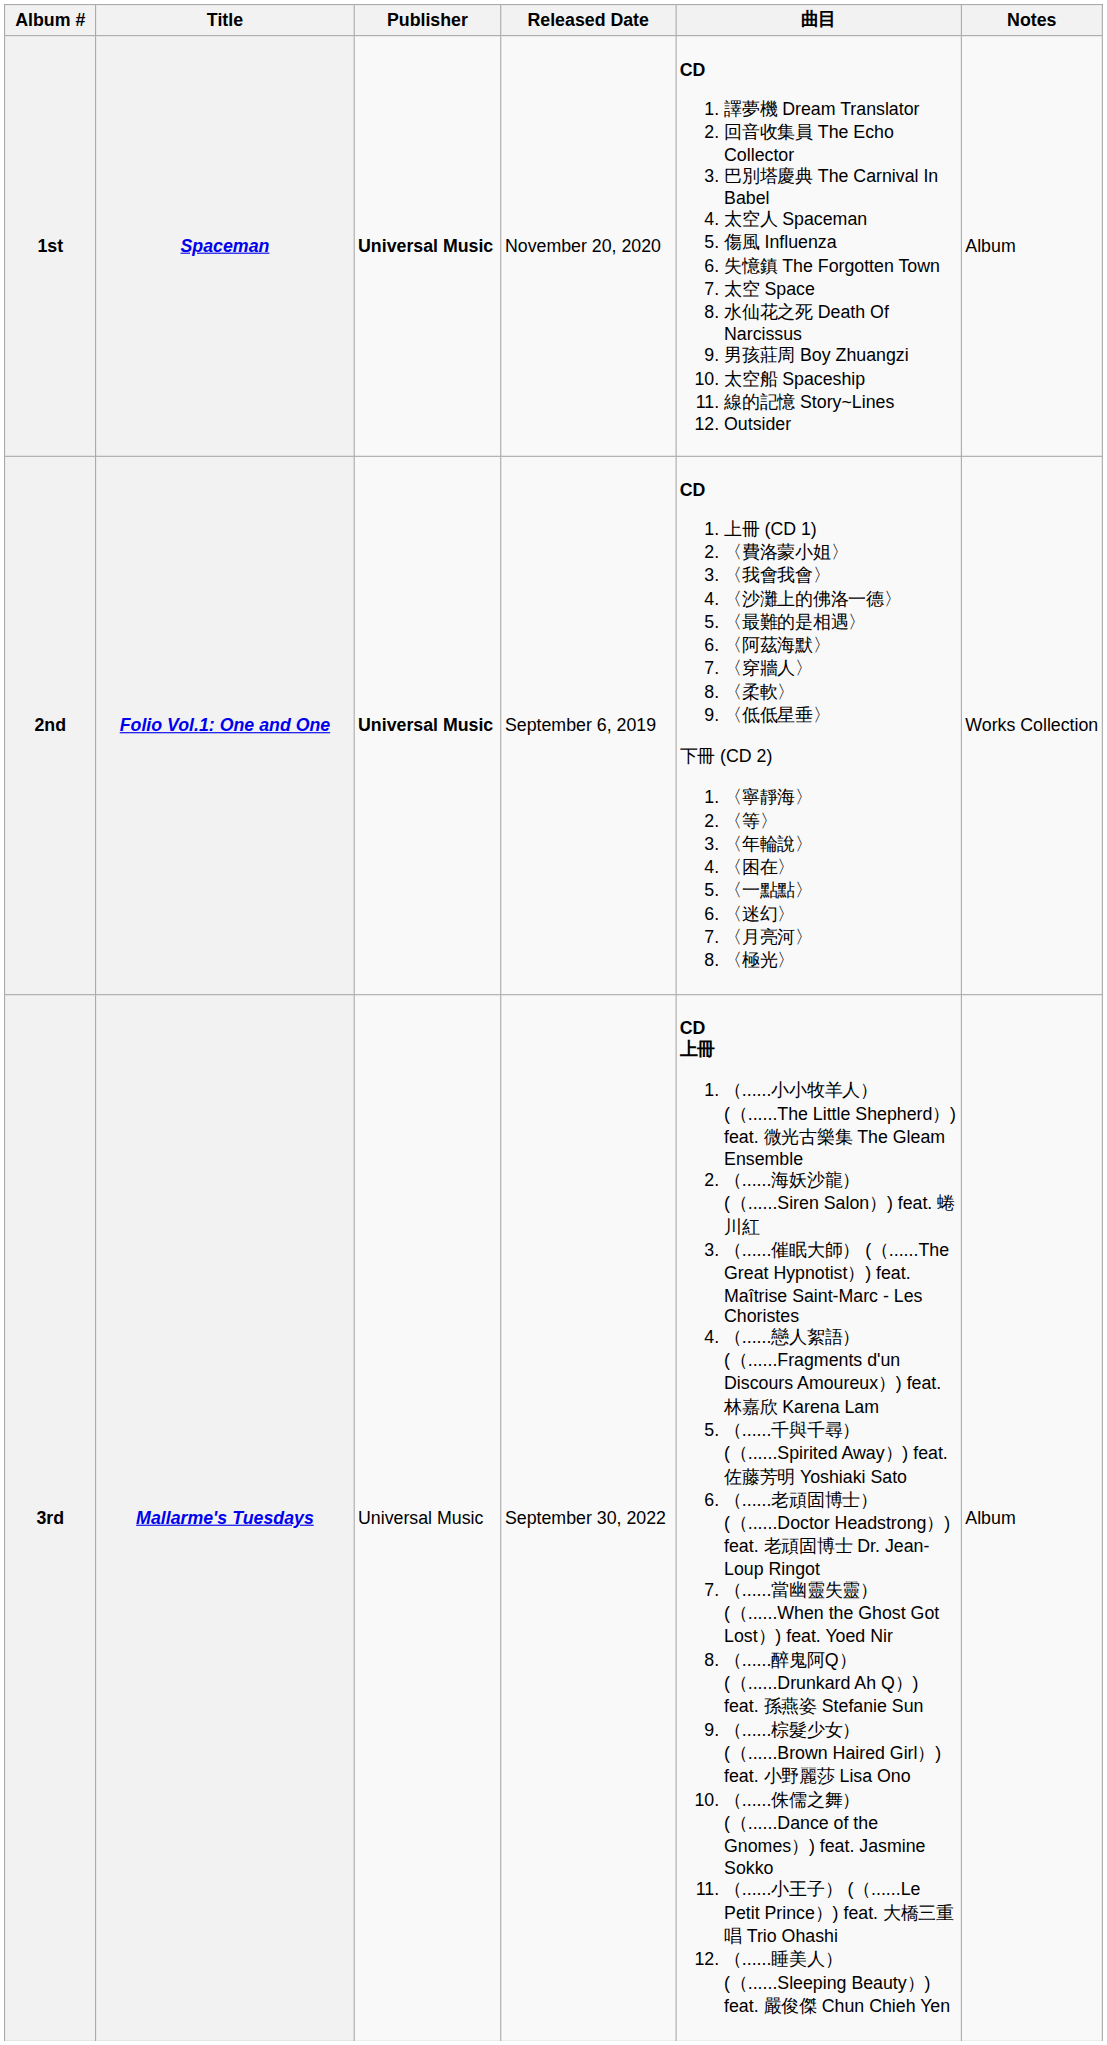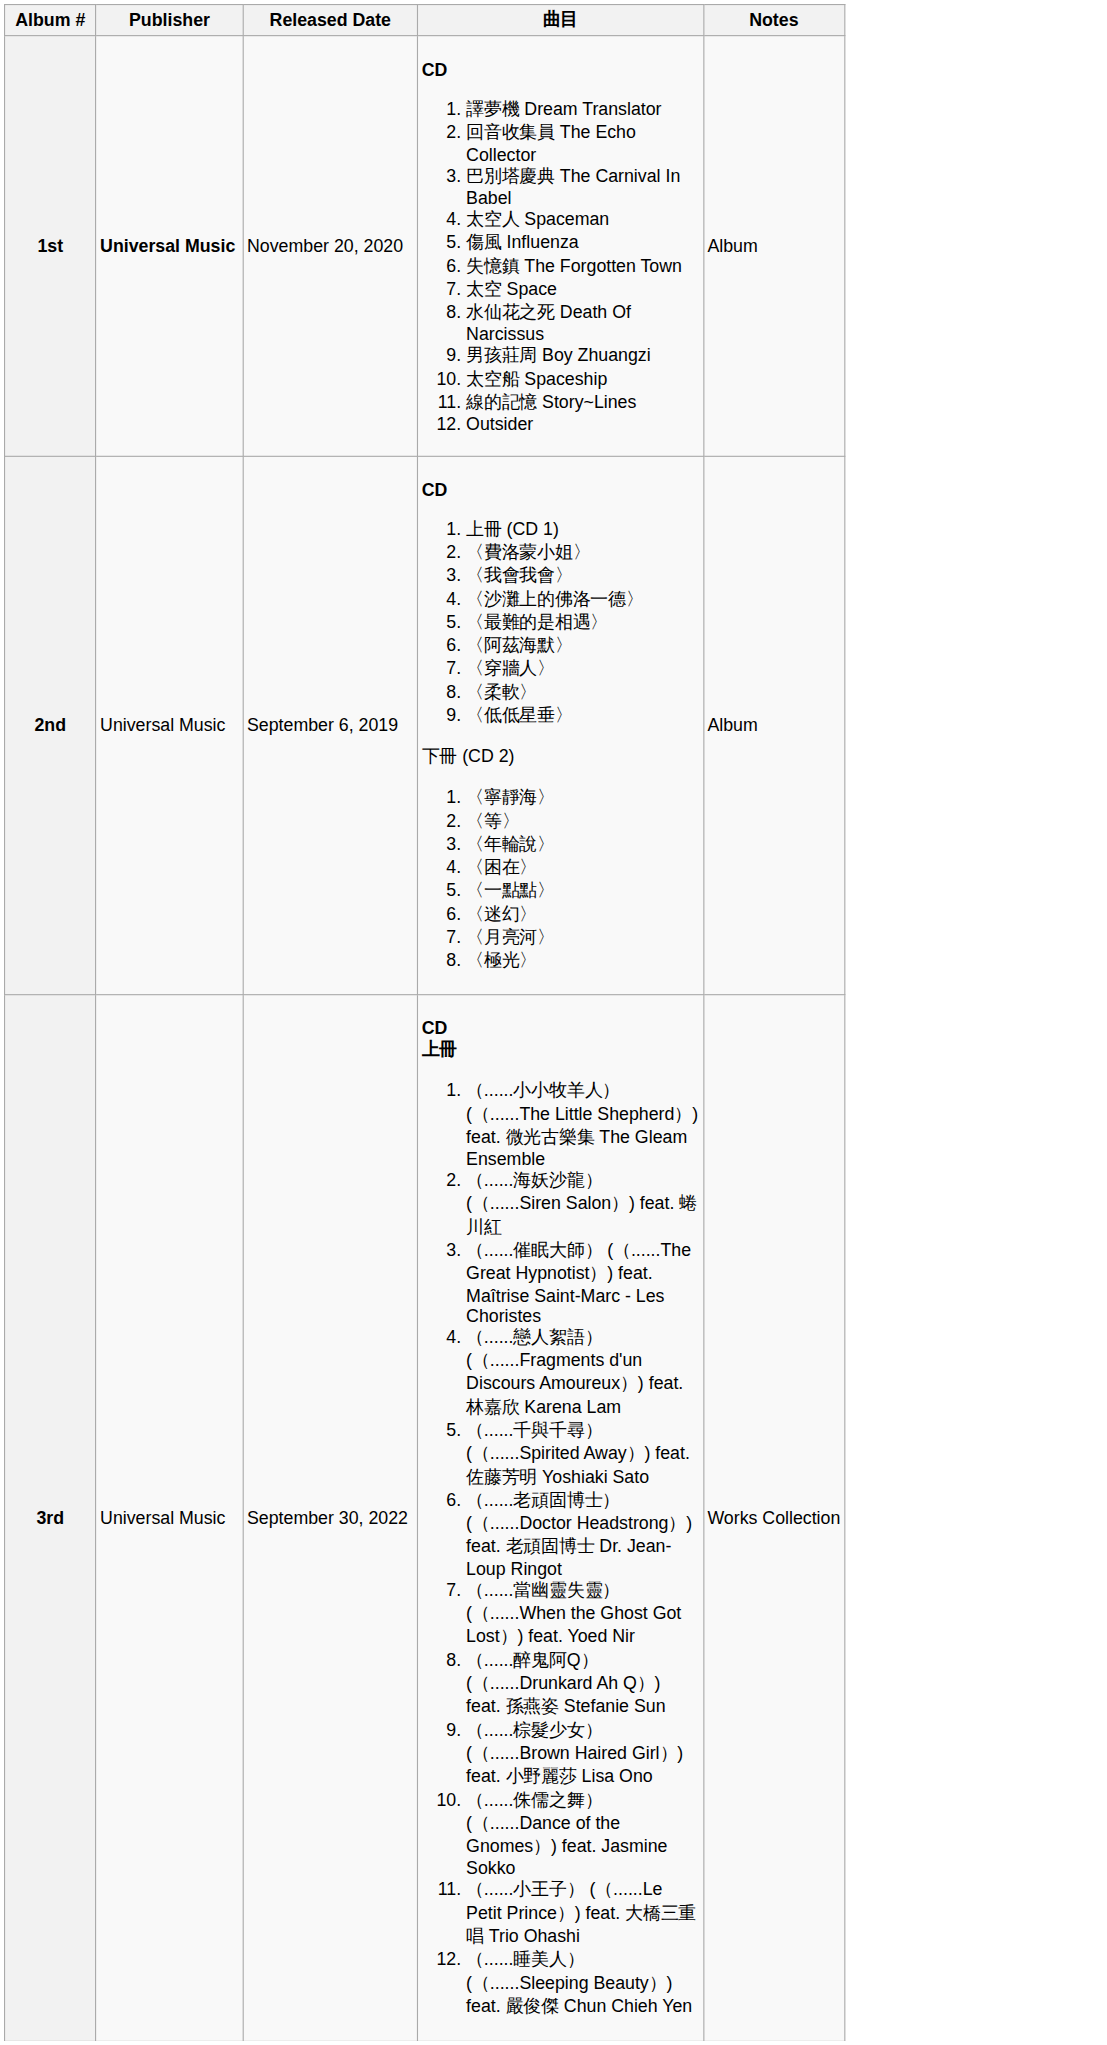 <table class="wikitable">
 <tr>
 <th align="left" width="75px"><strong>Album</strong> #</th>
-<th align="left" width="225px">Title</th>
 <th align="left" width="125px">Publisher</th>
 <th align="left" width="150px">Released Date</th>
 <th align="left" width="250px">曲目</th>
 <th>Notes</th>
 </tr>
 <tr>
 <th>1st</th>
-<th><em><a href='#'>Spaceman</a></em></th>
 <td><strong>Universal Music</strong></td>
 <td>November 20, 2020</td>
 <td><br><strong>CD</strong><ol><li>譯夢機 Dream Translator</li><li>回音收集員 The Echo Collector</li><li>巴別塔慶典 The Carnival In Babel</li><li>太空人 Spaceman</li><li>傷風 Influenza</li><li>失憶鎮 The Forgotten Town</li><li>太空 Space</li><li>水仙花之死 Death Of Narcissus</li><li>男孩莊周 Boy Zhuangzi</li><li>太空船 Spaceship</li><li>線的記憶 Story~Lines</li><li>Outsider</li></ol></td>
 <td>Album</td>
 </tr>
 <tr>
 <th>2nd</th>
-<th><em><a href='#'>Folio Vol.1: One and One</a></em></th>
-<td><strong>Universal Music</strong></td>
+<td>Universal Music</td>
 <td>September 6, 2019</td>
 <td><br><strong>CD</strong><ol><li>上冊 (CD 1)</li><li>〈費洛蒙小姐〉</li><li>〈我會我會〉</li><li>〈沙灘上的佛洛一德〉</li><li>〈最難的是相遇〉</li><li>〈阿茲海默〉</li><li>〈穿牆人〉</li><li>〈柔軟〉</li><li>〈低低星垂〉</li></ol>下冊 (CD 2)<ol><li>〈寧靜海〉</li><li>〈等〉</li><li>〈年輪說〉</li><li>〈困在〉</li><li>〈一點點〉</li><li>〈迷幻〉</li><li>〈月亮河〉</li><li>〈極光〉</li></ol></td>
-<td>Works Collection</td>
+<td>Album</td>
 </tr>
 <tr>
 <th>3rd</th>
-<th><em><a href='#'>Mallarme's Tuesdays</a></em></th>
 <td>Universal Music</td>
 <td>September 30, 2022</td>
 <td><br><strong>CD</strong><br><strong>上冊</strong><ol><li>（......小小牧羊人） (（......The Little Shepherd）) feat. 微光古樂集 The Gleam Ensemble</li><li>（......海妖沙龍） (（......Siren Salon）) feat. 蜷川紅</li><li>（......催眠大師） (（......The Great Hypnotist）) feat. Maîtrise Saint-Marc - Les Choristes</li><li>（......戀人絮語） (（......Fragments d'un Discours Amoureux）) feat. 林嘉欣 Karena Lam</li><li>（......千與千尋） (（......Spirited Away）) feat. 佐藤芳明 Yoshiaki Sato</li><li>（......老頑固博士） (（......Doctor Headstrong）) feat. 老頑固博士 Dr. Jean-Loup Ringot</li><li>（......當幽靈失靈） (（......When the Ghost Got Lost）) feat. Yoed Nir</li><li>（......醉鬼阿Q） (（......Drunkard Ah Q）) feat. 孫燕姿 Stefanie Sun</li><li>（......棕髮少女） (（......Brown Haired Girl）) feat. 小野麗莎 Lisa Ono</li><li>（......侏儒之舞） (（......Dance of the Gnomes）) feat. Jasmine Sokko</li><li>（......小王子） (（......Le Petit Prince）) feat. 大橋三重唱 Trio Ohashi</li><li>（......睡美人） (（......Sleeping Beauty）) feat. 嚴俊傑 Chun Chieh Yen</li></ol></td>
-<td>Album</td>
+<td>Works Collection</td>
 </tr>
 </table>
